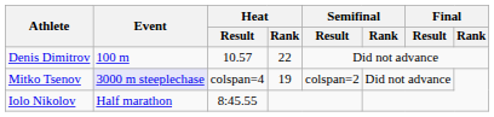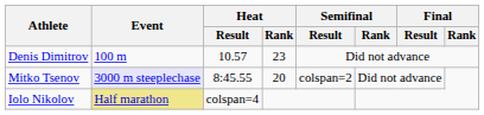 <table class="wikitable" style="font-size:90%">
 <tr>
 <th rowspan=2>Athlete</th>
 <th rowspan=2>Event</th>
 <th colspan=2>Heat</th>
 <th colspan=2>Semifinal</th>
 <th colspan=2>Final</th>
 </tr>
 <tr style="font-size:95%">
 <th>Result</th>
 <th>Rank</th>
 <th>Result</th>
 <th>Rank</th>
 <th>Result</th>
 <th>Rank</th>
 </tr>
 <tr align=center>
 <td align=left><a href='#'>Denis Dimitrov</a></td>
 <td style="text-align:left;"><a href='#'>100 m</a></td>
 <td>10.57</td>
-<td>22</td>
+<td>23</td>
 <td colspan=4>Did not advance</td>
 </tr>
 <tr align=center>
 <td align=left><a href='#'>Mitko Tsenov</a></td>
 <td style="background: lavender; text-align:left;"><a href='#'>3000 m steeplechase</a></td>
-<td>colspan=4 </td>
-<td>19</td>
+<td>8:45.55</td>
+<td>20</td>
 <td>colspan=2 </td>
 <td colspan=2>Did not advance</td>
 </tr>
 <tr align=center>
 <td align=left><a href='#'>Iolo Nikolov</a></td>
-<td style="text-align:left;"><a href='#'>Half marathon</a></td>
-<td>8:45.55</td>
+<td style="background: khaki; text-align:left;"><a href='#'>Half marathon</a></td>
+<td>colspan=4 </td>
 <td colspan=2></td>
 </tr>
 </table>
